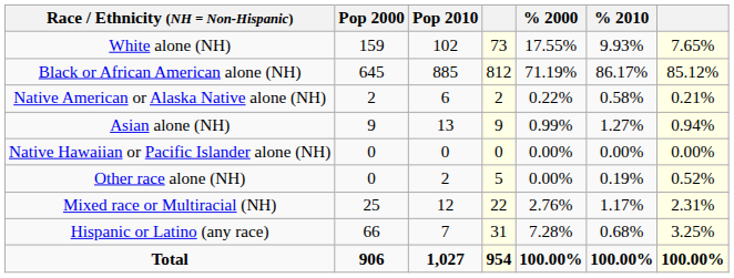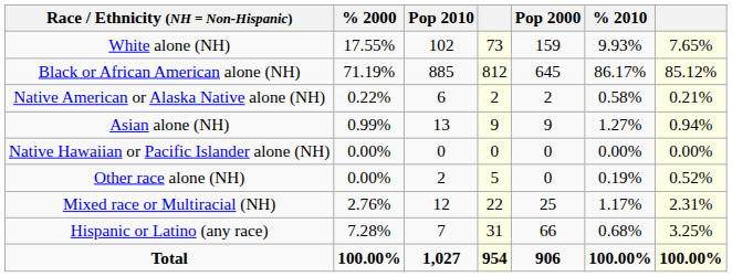 <table class="wikitable" style="text-align:center;">
 <tr>
 <th>Race / Ethnicity <small>(<em>NH = Non-Hispanic</em>)</small></th>
-<th>Pop 2000</th>
+<th>% 2000</th>
 <th>Pop 2010</th>
 <th></th>
-<th>% 2000</th>
+<th>Pop 2000</th>
 <th>% 2010</th>
 <th></th>
 </tr>
 <tr>
 <td><a href='#'>White</a> alone (NH)</td>
-<td>159</td>
+<td>17.55%</td>
 <td>102</td>
 <td style='background: #ffffe6;'>73</td>
-<td>17.55%</td>
+<td>159</td>
 <td>9.93%</td>
 <td style='background: #ffffe6;'>7.65%</td>
 </tr>
 <tr>
 <td><a href='#'>Black or African American</a> alone (NH)</td>
-<td>645</td>
+<td>71.19%</td>
 <td>885</td>
 <td style='background: #ffffe6;'>812</td>
-<td>71.19%</td>
+<td>645</td>
 <td>86.17%</td>
 <td style='background: #ffffe6;'>85.12%</td>
 </tr>
 <tr>
 <td><a href='#'>Native American</a> or <a href='#'>Alaska Native</a> alone (NH)</td>
-<td>2</td>
+<td>0.22%</td>
 <td>6</td>
 <td style='background: #ffffe6;'>2</td>
-<td>0.22%</td>
+<td>2</td>
 <td>0.58%</td>
 <td style='background: #ffffe6;'>0.21%</td>
 </tr>
 <tr>
 <td><a href='#'>Asian</a> alone (NH)</td>
-<td>9</td>
+<td>0.99%</td>
 <td>13</td>
 <td style='background: #ffffe6;'>9</td>
-<td>0.99%</td>
+<td>9</td>
 <td>1.27%</td>
 <td style='background: #ffffe6;'>0.94%</td>
 </tr>
 <tr>
 <td><a href='#'>Native Hawaiian</a> or <a href='#'>Pacific Islander</a> alone (NH)</td>
-<td>0</td>
+<td>0.00%</td>
 <td>0</td>
 <td style='background: #ffffe6;'>0</td>
-<td>0.00%</td>
+<td>0</td>
 <td>0.00%</td>
 <td style='background: #ffffe6;'>0.00%</td>
 </tr>
 <tr>
 <td><a href='#'>Other race</a> alone (NH)</td>
-<td>0</td>
+<td>0.00%</td>
 <td>2</td>
 <td style='background: #ffffe6;'>5</td>
-<td>0.00%</td>
+<td>0</td>
 <td>0.19%</td>
 <td style='background: #ffffe6;'>0.52%</td>
 </tr>
 <tr>
 <td><a href='#'>Mixed race or Multiracial</a> (NH)</td>
-<td>25</td>
+<td>2.76%</td>
 <td>12</td>
 <td style='background: #ffffe6;'>22</td>
-<td>2.76%</td>
+<td>25</td>
 <td>1.17%</td>
 <td style='background: #ffffe6;'>2.31%</td>
 </tr>
 <tr>
 <td><a href='#'>Hispanic or Latino</a> (any race)</td>
-<td>66</td>
+<td>7.28%</td>
 <td>7</td>
 <td style='background: #ffffe6;'>31</td>
-<td>7.28%</td>
+<td>66</td>
 <td>0.68%</td>
 <td style='background: #ffffe6;'>3.25%</td>
 </tr>
 <tr>
 <td><strong>Total</strong></td>
-<td><strong>906</strong></td>
+<td><strong>100.00%</strong></td>
 <td><strong>1,027</strong></td>
 <td style='background: #ffffe6;'><strong>954</strong></td>
-<td><strong>100.00%</strong></td>
+<td><strong>906</strong></td>
 <td><strong>100.00%</strong></td>
 <td style='background: #ffffe6;'><strong>100.00%</strong></td>
 </tr>
 </table>
